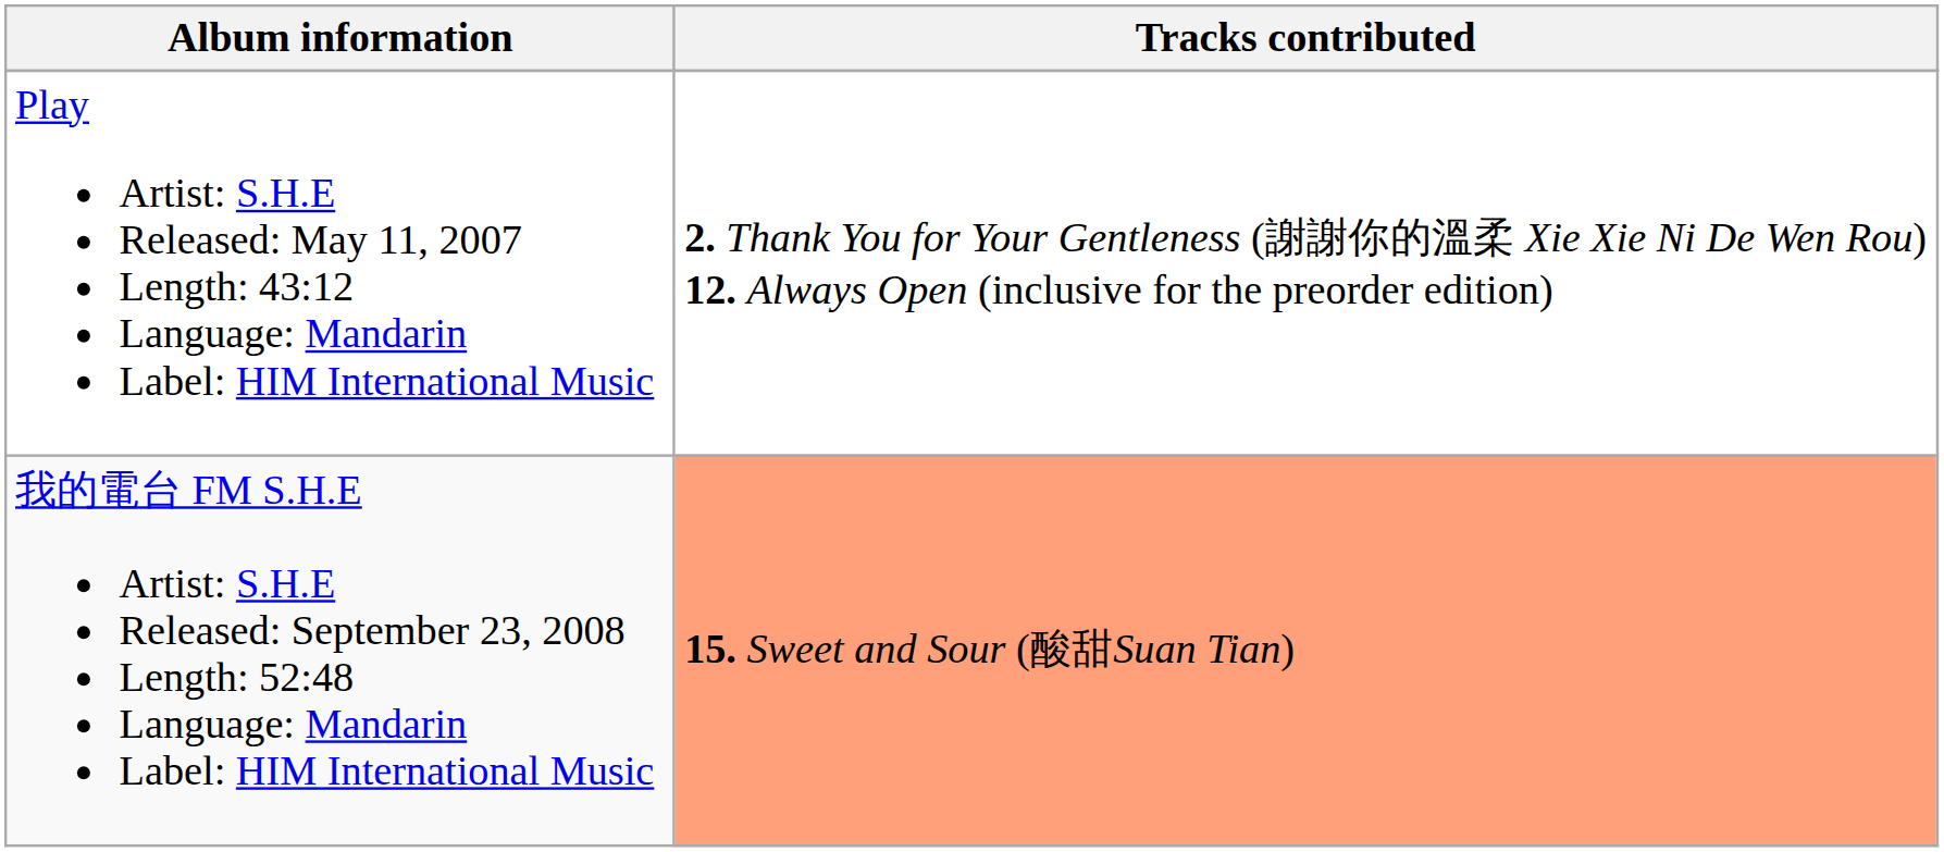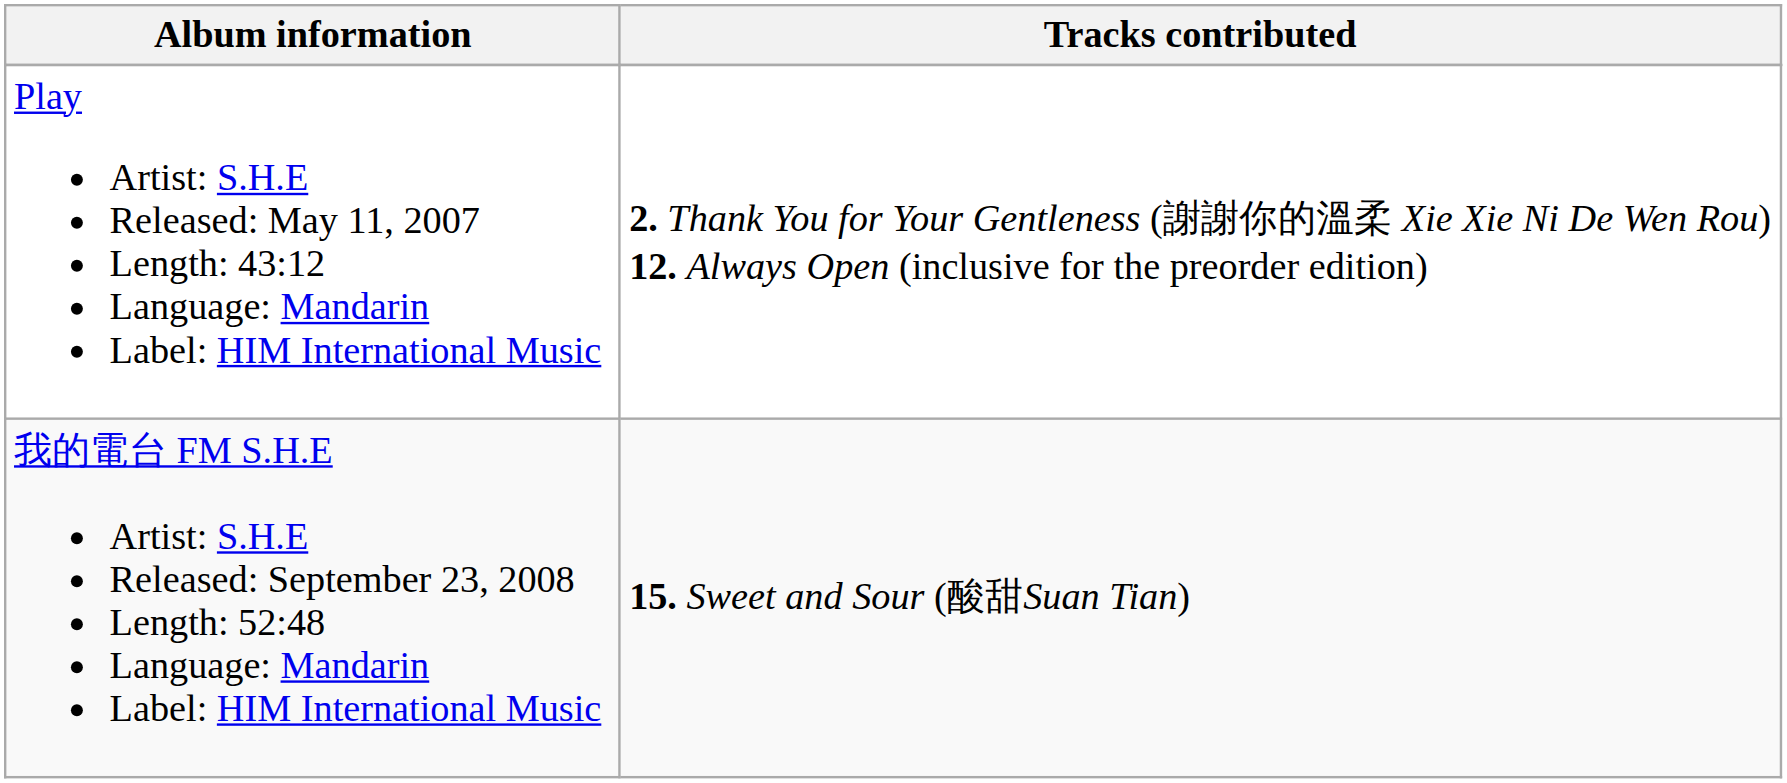 <table class="wikitable">
 <tr>
 <th align="left" width="250px">Album information</th>
 <th align="left">Tracks contributed</th>
 </tr>
 <tr>
 </tr>
 <tr bgcolor="#FFFFFF">
 <td align="left"><a href='#'>Play</a><br><ul><li>Artist: <a href='#'>S.H.E</a></li><li>Released: May 11, 2007</li><li>Length: 43:12</li><li>Language: <a href='#'>Mandarin</a></li><li>Label: <a href='#'>HIM International Music</a></li></ul></td>
 <td align="left"><strong>2.</strong> <em>Thank You for Your Gentleness</em> (謝謝你的溫柔 <em>Xie Xie Ni De Wen Rou</em>)<br><strong>12.</strong> <em>Always Open</em> (inclusive for the preorder edition)</td>
 </tr>
 <tr>
 <td align="left"><a href='#'>我的電台 FM S.H.E</a><br><ul><li>Artist: <a href='#'>S.H.E</a></li><li>Released: September 23, 2008</li><li>Length: 52:48</li><li>Language: <a href='#'>Mandarin</a></li><li>Label: <a href='#'>HIM International Music</a></li></ul></td>
-<td align="left" style="background: lightsalmon;"><strong>15.</strong> <em>Sweet and Sour</em> (酸甜<em>Suan Tian</em>)</td>
+<td align="left"><strong>15.</strong> <em>Sweet and Sour</em> (酸甜<em>Suan Tian</em>)</td>
 </tr>
 </table>
